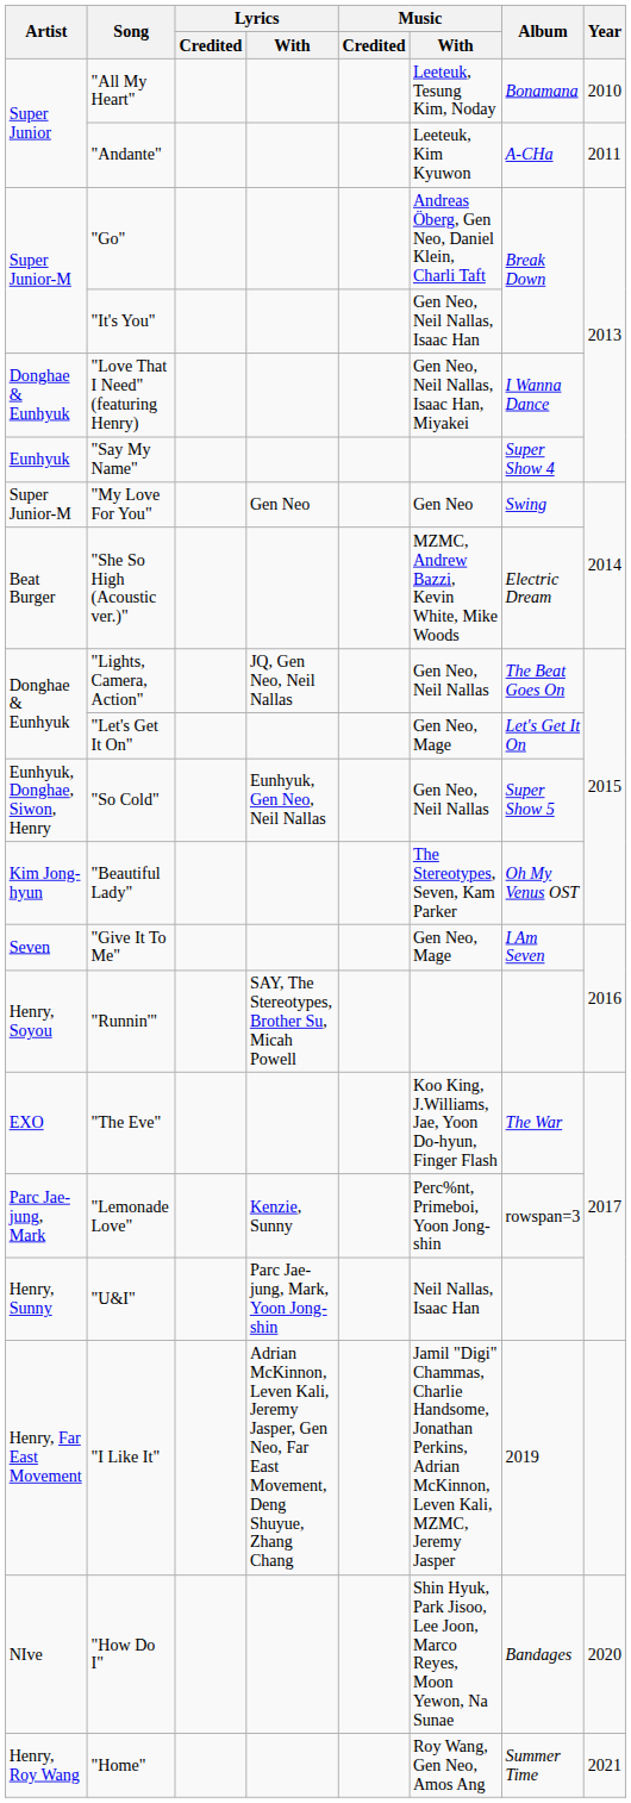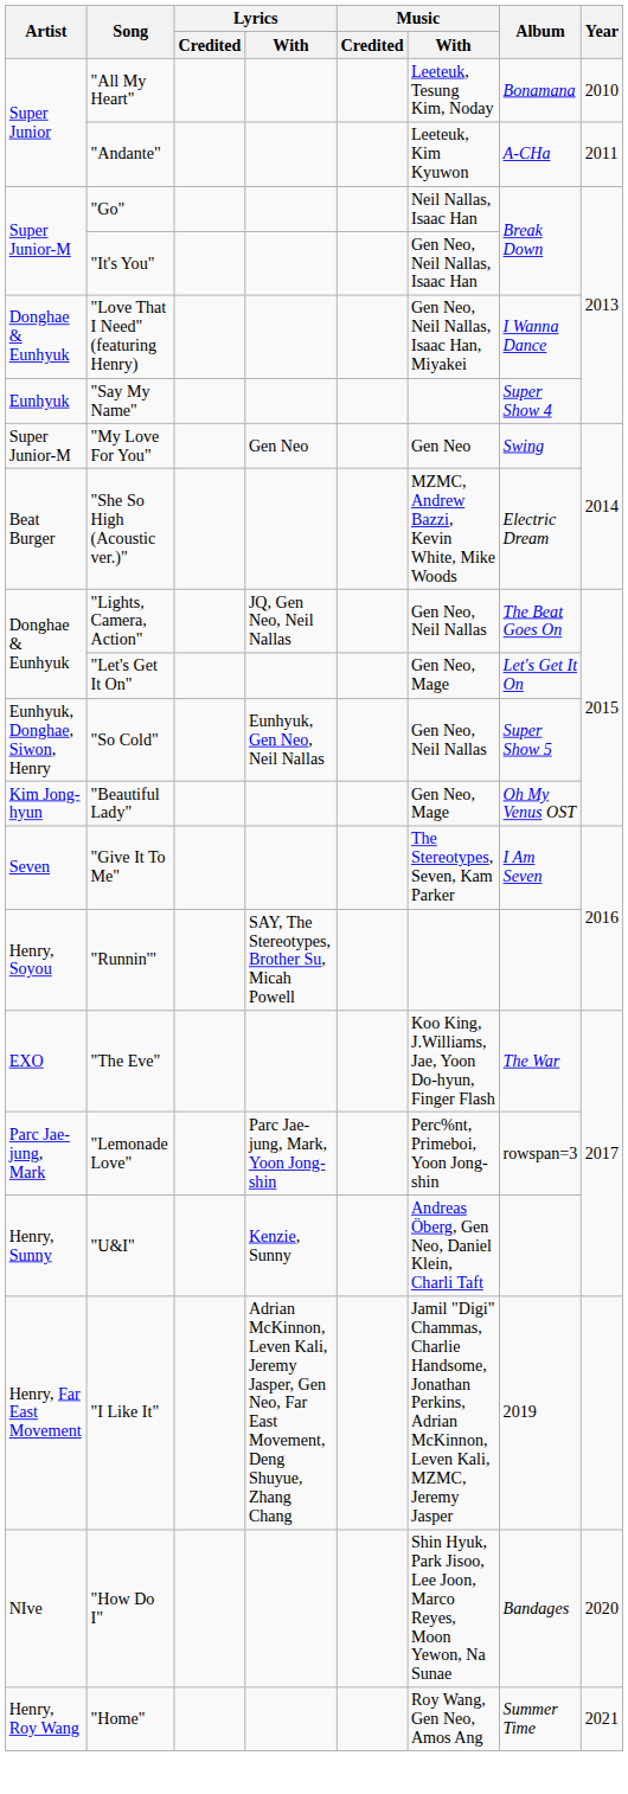 <table class="wikitable" width="95%">
 <tr>
 <th rowspan="2" width="16%">Artist</th>
 <th rowspan="2" width="19%">Song</th>
 <th colspan="2">Lyrics</th>
 <th colspan="2">Music</th>
 <th rowspan="2" width="12%">Album</th>
 <th rowspan="2" width="5%">Year</th>
 </tr>
 <tr>
 <th width="5%">Credited</th>
 <th width="19%">With</th>
 <th width="5%">Credited</th>
 <th width="19%">With</th>
 </tr>
 <tr>
 <td rowspan=2><a href='#'>Super Junior</a></td>
 <td>"All My Heart"</td>
 <td></td>
 <td></td>
 <td></td>
 <td><a href='#'>Leeteuk</a>, Tesung Kim, Noday</td>
 <td><em><a href='#'>Bonamana</a></em></td>
 <td>2010</td>
 </tr>
 <tr>
 <td>"Andante"</td>
 <td></td>
 <td></td>
 <td></td>
 <td>Leeteuk, Kim Kyuwon</td>
 <td><a href='#'><em>A-CHa</em></a></td>
 <td>2011</td>
 </tr>
 <tr>
 <td rowspan="2"><a href='#'>Super Junior-M</a></td>
 <td>"Go"</td>
 <td></td>
 <td></td>
 <td></td>
-<td><a href='#'>Andreas Öberg</a>, Gen Neo, Daniel Klein, <a href='#'>Charli Taft</a></td>
+<td>Neil Nallas, Isaac Han</td>
 <td rowspan="2"><a href='#'><em>Break Down</em></a></td>
 <td rowspan="4">2013</td>
 </tr>
 <tr>
 <td>"It's You"</td>
 <td></td>
 <td></td>
 <td></td>
 <td>Gen Neo, Neil Nallas, Isaac Han</td>
 </tr>
 <tr>
 <td><a href='#'>Donghae & Eunhyuk</a></td>
 <td>"Love That I Need" (featuring Henry)</td>
 <td></td>
 <td></td>
 <td></td>
 <td>Gen Neo, Neil Nallas, Isaac Han, Miyakei</td>
 <td><em><a href='#'>I Wanna Dance</a></em></td>
 </tr>
 <tr>
 <td><a href='#'>Eunhyuk</a></td>
 <td>"Say My Name"</td>
 <td></td>
 <td></td>
 <td></td>
 <td></td>
 <td><em><a href='#'>Super Show 4</a></em></td>
 </tr>
 <tr>
 <td>Super Junior-M</td>
 <td>"My Love For You"</td>
 <td></td>
 <td>Gen Neo</td>
 <td></td>
 <td>Gen Neo</td>
 <td><em><a href='#'>Swing</a></em></td>
 <td rowspan="2">2014</td>
 </tr>
 <tr>
 <td>Beat Burger</td>
 <td>"She So High (Acoustic ver.)"</td>
 <td></td>
 <td></td>
 <td></td>
 <td>MZMC, <a href='#'>Andrew Bazzi</a>, Kevin White, Mike Woods</td>
 <td><em>Electric Dream</em></td>
 </tr>
 <tr>
 <td rowspan="2">Donghae & Eunhyuk</td>
 <td>"Lights, Camera, Action"</td>
 <td></td>
 <td>JQ, Gen Neo, Neil Nallas</td>
 <td></td>
 <td>Gen Neo, Neil Nallas</td>
 <td><em><a href='#'>The Beat Goes On</a></em></td>
 <td rowspan="4">2015</td>
 </tr>
 <tr>
 <td>"Let's Get It On"</td>
 <td></td>
 <td></td>
 <td></td>
 <td>Gen Neo, Mage</td>
 <td><a href='#'><em>Let's Get It On</em></a></td>
 </tr>
 <tr>
 <td>Eunhyuk, <a href='#'>Donghae</a>, <a href='#'>Siwon</a>, Henry</td>
 <td>"So Cold"</td>
 <td></td>
 <td>Eunhyuk, <a href='#'>Gen Neo</a>, Neil Nallas</td>
 <td></td>
 <td>Gen Neo, Neil Nallas</td>
 <td><em><a href='#'>Super Show 5</a></em></td>
 </tr>
 <tr>
 <td><a href='#'>Kim Jong-hyun</a></td>
 <td>"Beautiful Lady"</td>
 <td></td>
 <td></td>
 <td></td>
-<td><a href='#'>The Stereotypes</a>, Seven, Kam Parker</td>
+<td>Gen Neo, Mage</td>
 <td><em><a href='#'>Oh My Venus</a> OST</em></td>
 </tr>
 <tr>
 <td><a href='#'>Seven</a></td>
 <td>"Give It To Me"</td>
 <td></td>
 <td></td>
 <td></td>
-<td>Gen Neo, Mage</td>
+<td><a href='#'>The Stereotypes</a>, Seven, Kam Parker</td>
 <td><em><a href='#'>I Am Seven</a></em></td>
 <td rowspan="2">2016</td>
 </tr>
 <tr>
 <td>Henry, <a href='#'>Soyou</a></td>
 <td>"Runnin'"</td>
 <td></td>
 <td>SAY, The Stereotypes, <a href='#'>Brother Su</a>, Micah Powell</td>
 <td></td>
 <td></td>
 <td></td>
 </tr>
 <tr>
 <td><a href='#'>EXO</a></td>
 <td>"The Eve"</td>
 <td></td>
 <td></td>
 <td></td>
 <td>Koo King, J.Williams, Jae, Yoon Do-hyun, Finger Flash</td>
 <td><em><a href='#'>The War</a></em></td>
 <td rowspan="3">2017</td>
 </tr>
 <tr>
 <td><a href='#'>Parc Jae-jung</a>, <a href='#'>Mark</a></td>
 <td>"Lemonade Love"</td>
 <td></td>
-<td><a href='#'>Kenzie</a>, Sunny</td>
+<td>Parc Jae-jung, Mark, <a href='#'>Yoon Jong-shin</a></td>
 <td></td>
 <td>Perc%nt, Primeboi, Yoon Jong-shin</td>
 <td>rowspan=3 </td>
 </tr>
 <tr>
 <td>Henry, <a href='#'>Sunny</a></td>
 <td>"U&I"</td>
 <td></td>
-<td>Parc Jae-jung, Mark, <a href='#'>Yoon Jong-shin</a></td>
+<td><a href='#'>Kenzie</a>, Sunny</td>
 <td></td>
-<td>Neil Nallas, Isaac Han</td>
+<td><a href='#'>Andreas Öberg</a>, Gen Neo, Daniel Klein, <a href='#'>Charli Taft</a></td>
 </tr>
 <tr>
 <td>Henry, <a href='#'>Far East Movement</a></td>
 <td>"I Like It"</td>
 <td></td>
 <td>Adrian McKinnon, Leven Kali, Jeremy Jasper, Gen Neo, Far East Movement, Deng Shuyue, Zhang Chang</td>
 <td></td>
 <td>Jamil "Digi" Chammas, Charlie Handsome, Jonathan Perkins, Adrian McKinnon, Leven Kali, MZMC, Jeremy Jasper</td>
 <td>2019</td>
 </tr>
 <tr>
 <td>NIve</td>
 <td>"How Do I"</td>
 <td></td>
 <td></td>
 <td></td>
 <td>Shin Hyuk, Park Jisoo, Lee Joon, Marco Reyes, Moon Yewon, Na Sunae</td>
 <td><em>Bandages</em></td>
 <td>2020</td>
 </tr>
 <tr>
 <td>Henry, <a href='#'>Roy Wang</a></td>
 <td>"Home"</td>
 <td></td>
 <td></td>
 <td></td>
 <td>Roy Wang, Gen Neo, Amos Ang</td>
 <td><em>Summer Time</em></td>
 <td>2021</td>
 </tr>
 </table>
